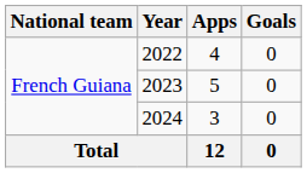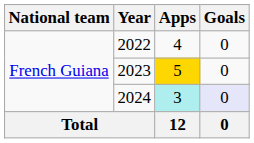 <table class="wikitable" style="text-align:center">
 <tr>
 <th>National team</th>
 <th>Year</th>
 <th>Apps</th>
 <th>Goals</th>
 </tr>
 <tr>
 <td rowspan="3"><a href='#'>French Guiana</a></td>
 <td>2022</td>
 <td>4</td>
 <td>0</td>
 </tr>
 <tr>
 <td>2023</td>
-<td>5</td>
+<td style="background: gold;">5</td>
 <td>0</td>
 </tr>
 <tr>
 <td>2024</td>
-<td>3</td>
-<td>0</td>
+<td style="background: paleturquoise;">3</td>
+<td style="background: lavender;">0</td>
 </tr>
 <tr>
 <th colspan="2">Total</th>
 <th>12</th>
 <th>0</th>
 </tr>
 </table>
